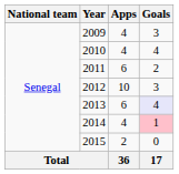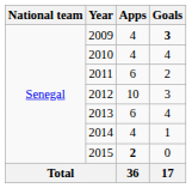 <table class="wikitable" style="text-align:center">
 <tr>
 <th>National team</th>
 <th>Year</th>
 <th>Apps</th>
 <th>Goals</th>
 </tr>
 <tr>
 <td rowspan="7"><a href='#'>Senegal</a></td>
 <td>2009</td>
 <td>4</td>
-<td>3</td>
+<td><strong>3</strong></td>
 </tr>
 <tr>
 <td>2010</td>
 <td>4</td>
 <td>4</td>
 </tr>
 <tr>
 <td>2011</td>
 <td>6</td>
 <td>2</td>
 </tr>
 <tr>
 <td>2012</td>
 <td>10</td>
 <td>3</td>
 </tr>
 <tr>
 <td>2013</td>
 <td>6</td>
-<td style="background: lavender;">4</td>
+<td>4</td>
 </tr>
 <tr>
 <td>2014</td>
 <td>4</td>
-<td style="background: pink;">1</td>
+<td>1</td>
 </tr>
 <tr>
 <td>2015</td>
-<td>2</td>
+<td><strong>2</strong></td>
 <td>0</td>
 </tr>
 <tr>
 <th colspan="2">Total</th>
 <th>36</th>
 <th>17</th>
 </tr>
 </table>
